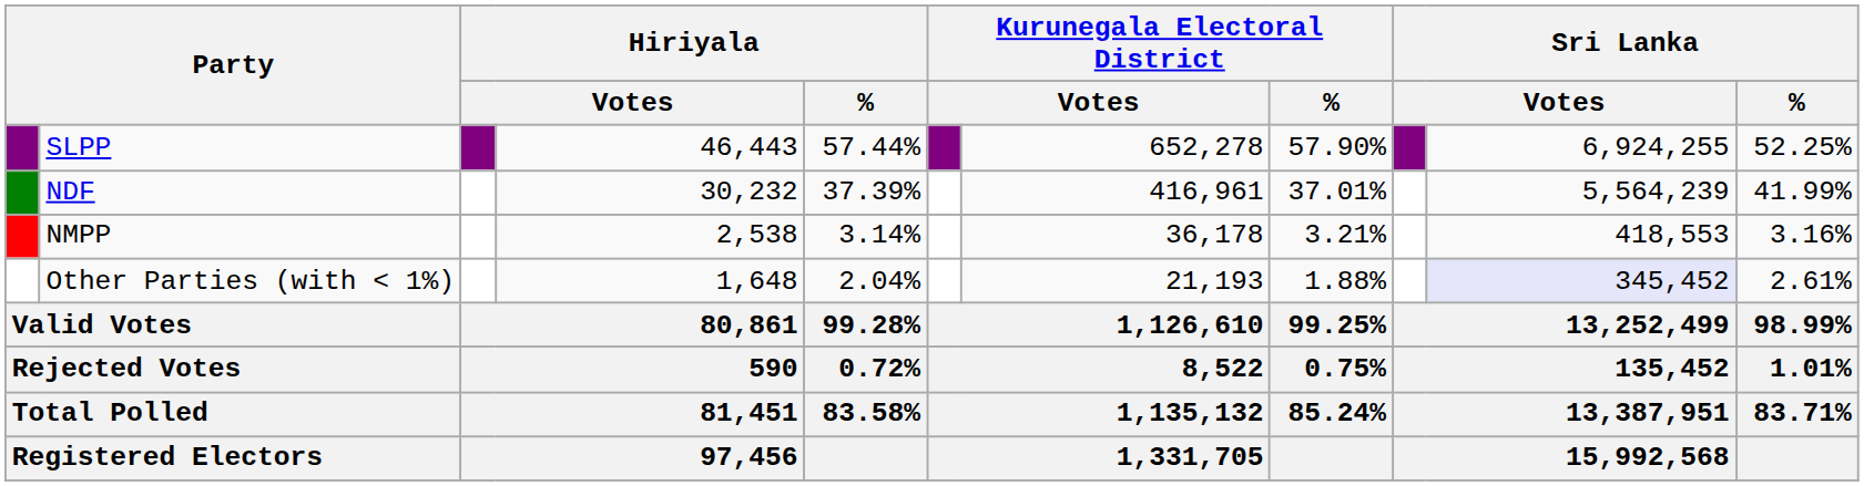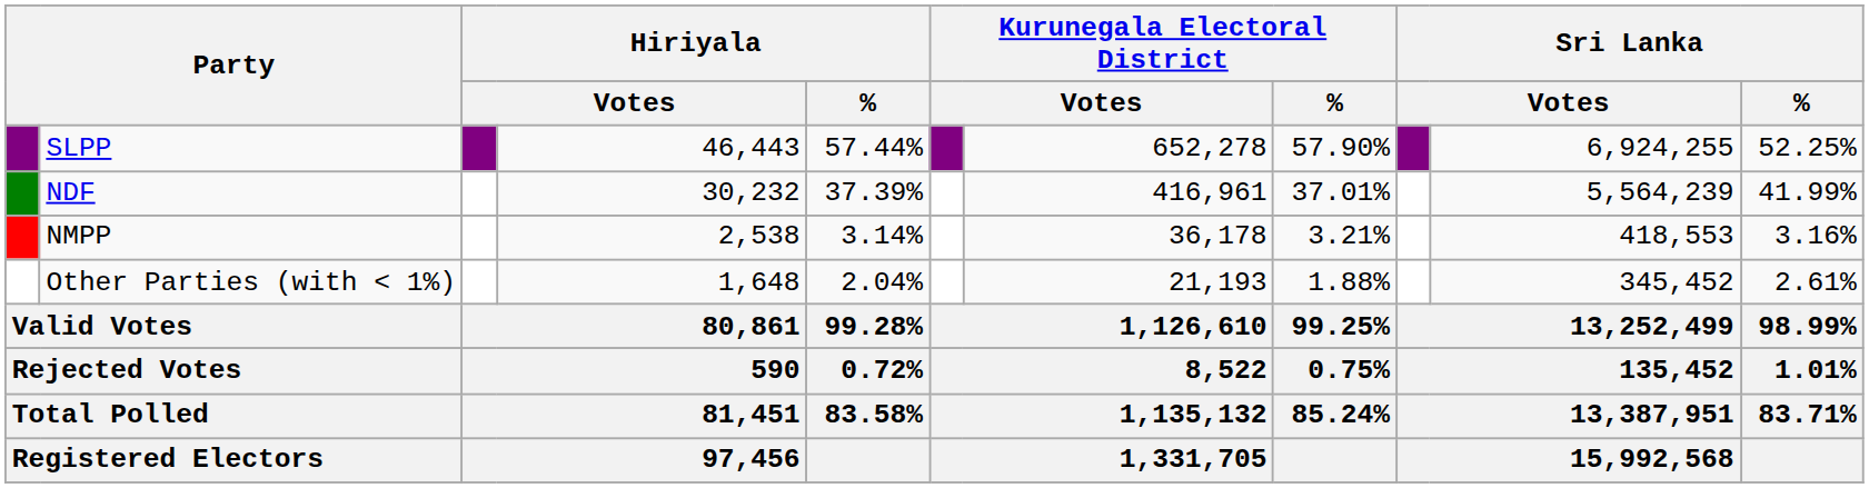 <table class="wikitable">
 <tr>
 <th colspan="2" width="144px"rowspan="2">Party</th>
 <th colspan="3" width="216px">Hiriyala</th>
 <th colspan="3" width="216px"><a href='#'>Kurunegala Electoral District</a></th>
 <th colspan="3" width="216px">Sri Lanka</th>
 </tr>
 <tr>
 <th colspan="2" width="144px">Votes</th>
 <th>%</th>
 <th colspan="2" width="144px">Votes</th>
 <th>%</th>
 <th colspan="2" width="144px">Votes</th>
 <th>%</th>
 </tr>
 <tr>
 <td style="background-color:purple;" width="10px"></td>
 <td style="text-align:left;"><a href='#'>SLPP</a></td>
 <td style="background-color:purple;" width="10px"></td>
 <td style="text-align:right;">46,443</td>
 <td style="text-align:right;">57.44%</td>
 <td style="background-color:purple;" width="10px"></td>
 <td style="text-align:right;">652,278</td>
 <td style="text-align:right;">57.90%</td>
 <td style="background-color:purple;" width="10px"></td>
 <td style="text-align:right;">6,924,255</td>
 <td style="text-align:right;">52.25%</td>
 </tr>
 <tr>
 <td style="background-color:green;" width="10px"></td>
 <td style="text-align:left;"><a href='#'>NDF</a></td>
 <td style="background-color:white;" width="10px"></td>
 <td style="text-align:right;">30,232</td>
 <td style="text-align:right;">37.39%</td>
 <td style="background-color:white;" width="10px"></td>
 <td style="text-align:right;">416,961</td>
 <td style="text-align:right;">37.01%</td>
 <td style="background-color:white;" width="10px"></td>
 <td style="text-align:right;">5,564,239</td>
 <td style="text-align:right;">41.99%</td>
 </tr>
 <tr>
 <td style="background-color:red;" width="10px"></td>
 <td style="text-align:left;">NMPP</td>
 <td style="background-color:white;" width="10px"></td>
 <td style="text-align:right;">2,538</td>
 <td style="text-align:right;">3.14%</td>
 <td style="background-color:white;" width="10px"></td>
 <td style="text-align:right;">36,178</td>
 <td style="text-align:right;">3.21%</td>
 <td style="background-color:white;" width="10px"></td>
 <td style="text-align:right;">418,553</td>
 <td style="text-align:right;">3.16%</td>
 </tr>
 <tr>
 <td style="background-color:white;" width="10px"></td>
 <td style="text-align:left;">Other Parties (with < 1%)</td>
 <td style="background-color:white;" width="10px"></td>
 <td style="text-align:right;">1,648</td>
 <td style="text-align:right;">2.04%</td>
 <td style="background-color:white;" width="10px"></td>
 <td style="text-align:right;">21,193</td>
 <td style="text-align:right;">1.88%</td>
 <td style="background-color:white;" width="10px"></td>
-<td style="background: lavender; text-align:right;">345,452</td>
+<td style="text-align:right;">345,452</td>
 <td style="text-align:right;">2.61%</td>
 </tr>
 <tr>
 <th colspan="2" width="144px"style="text-align:left;">Valid Votes</th>
 <th style="text-align:right;"colspan="2" width="144px">80,861</th>
 <th style="text-align:right;">99.28%</th>
 <th style="text-align:right;"colspan="2" width="144px">1,126,610</th>
 <th style="text-align:right;">99.25%</th>
 <th style="text-align:right;"colspan="2" width="144px">13,252,499</th>
 <th style="text-align:right;">98.99%</th>
 </tr>
 <tr>
 <th colspan="2" width="144px"style="text-align:left;">Rejected Votes</th>
 <th style="text-align:right;"colspan="2" width="144px">590</th>
 <th style="text-align:right;">0.72%</th>
 <th style="text-align:right;"colspan="2" width="144px">8,522</th>
 <th style="text-align:right;">0.75%</th>
 <th style="text-align:right;"colspan="2" width="144px">135,452</th>
 <th style="text-align:right;">1.01%</th>
 </tr>
 <tr>
 <th colspan="2" width="144px"style="text-align:left;">Total Polled</th>
 <th style="text-align:right;"colspan="2" width="144px">81,451</th>
 <th style="text-align:right;">83.58%</th>
 <th style="text-align:right;"colspan="2" width="144px">1,135,132</th>
 <th style="text-align:right;">85.24%</th>
 <th style="text-align:right;"colspan="2" width="144px">13,387,951</th>
 <th style="text-align:right;">83.71%</th>
 </tr>
 <tr>
 <th colspan="2" width="144px"style="text-align:left;">Registered Electors</th>
 <th style="text-align:right;"colspan="2" width="144px">97,456</th>
 <th></th>
 <th style="text-align:right;"colspan="2" width="144px">1,331,705</th>
 <th></th>
 <th style="text-align:right;"colspan="2" width="144px">15,992,568</th>
 <th></th>
 </tr>
 </table>
